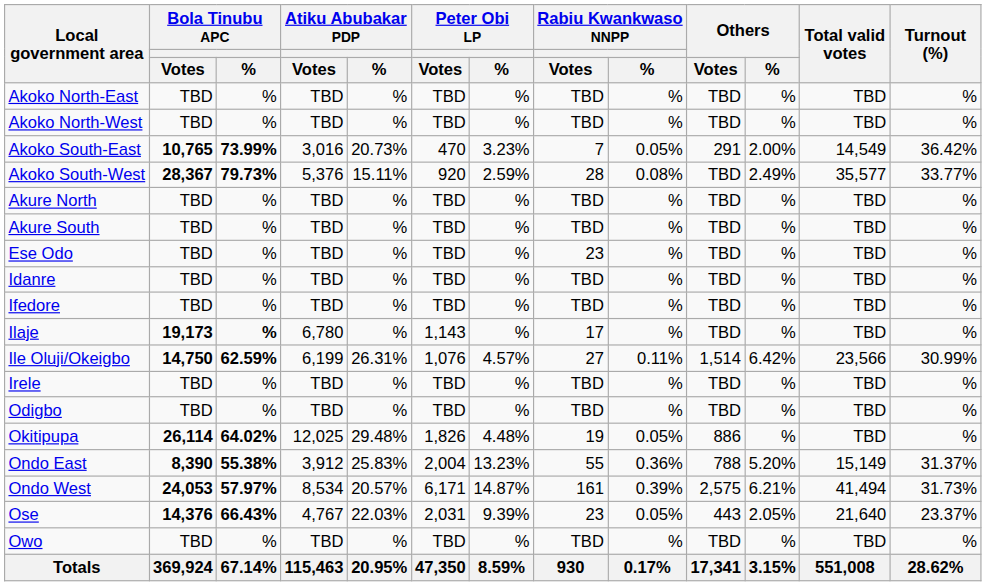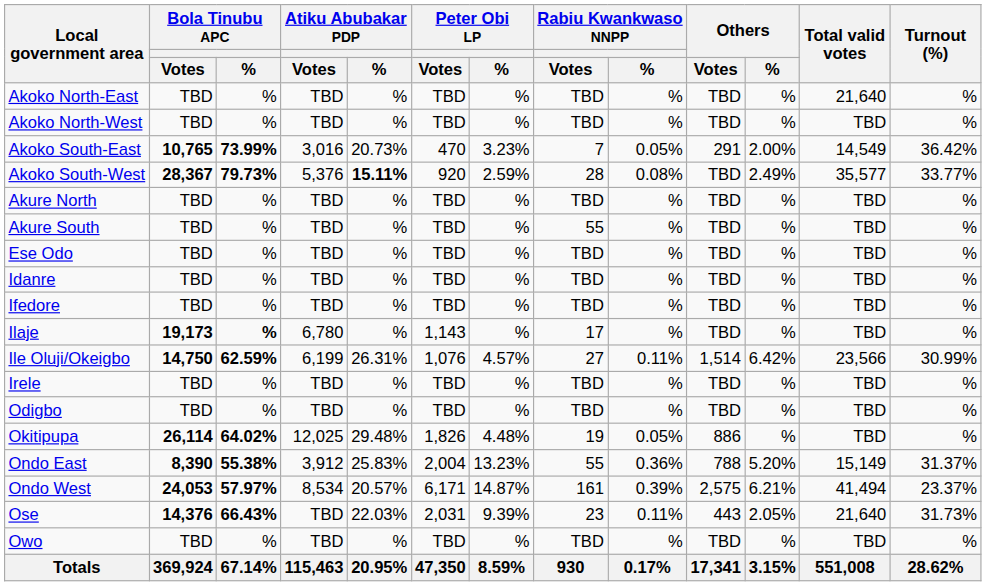 <table class="wikitable sortable" style="text-align:right; font-size:90%">
 <tr>
 <th rowspan="3" style="max-width:7.5em;">Local government area</th>
 <th colspan="2"><a href='#'>Bola Tinubu</a><br><small>APC</small></th>
 <th colspan="2"><a href='#'>Atiku Abubakar</a><br><small>PDP</small></th>
 <th colspan="2"><a href='#'>Peter Obi</a><br><small>LP</small></th>
 <th colspan="2"><a href='#'>Rabiu Kwankwaso</a><br><small>NNPP</small></th>
 <th colspan="2" rowspan="2">Others</th>
 <th rowspan="3" style="max-width:5em;">Total valid votes</th>
 <th rowspan="3" style="max-width:5em;">Turnout (%)</th>
 </tr>
 <tr>
 <th colspan=2 style="background-color:"></th>
 <th colspan=2 style="background-color:"></th>
 <th colspan=2 style="background-color:"></th>
 <th colspan=2 style="background-color:"></th>
 </tr>
 <tr>
 <th>Votes</th>
 <th>%</th>
 <th>Votes</th>
 <th>%</th>
 <th>Votes</th>
 <th>%</th>
 <th>Votes</th>
 <th>%</th>
 <th>Votes</th>
 <th>%</th>
 </tr>
 <tr style="background-color:#">
 <td style="text-align:left;"><a href='#'>Akoko North-East</a></td>
 <td>TBD</td>
 <td>%</td>
 <td>TBD</td>
 <td>%</td>
 <td>TBD</td>
 <td>%</td>
 <td>TBD</td>
 <td>%</td>
 <td>TBD</td>
 <td>%</td>
-<td>TBD</td>
+<td>21,640</td>
 <td>%</td>
 </tr>
 <tr style="background-color:#">
 <td style="text-align:left;"><a href='#'>Akoko North-West</a></td>
 <td>TBD</td>
 <td>%</td>
 <td>TBD</td>
 <td>%</td>
 <td>TBD</td>
 <td>%</td>
 <td>TBD</td>
 <td>%</td>
 <td>TBD</td>
 <td>%</td>
 <td>TBD</td>
 <td>%</td>
 </tr>
 <tr style="background-color:#">
 <td style="text-align:left;"><a href='#'>Akoko South-East</a></td>
 <td><strong>10,765</strong></td>
 <td><strong>73.99%</strong></td>
 <td>3,016</td>
 <td>20.73%</td>
 <td>470</td>
 <td>3.23%</td>
 <td>7</td>
 <td>0.05%</td>
 <td>291</td>
 <td>2.00%</td>
 <td>14,549</td>
 <td>36.42%</td>
 </tr>
 <tr style="background-color:#">
 <td style="text-align:left;"><a href='#'>Akoko South-West</a></td>
 <td><strong>28,367</strong></td>
 <td><strong>79.73%</strong></td>
 <td>5,376</td>
-<td>15.11%</td>
+<td><strong>15.11%</strong></td>
 <td>920</td>
 <td>2.59%</td>
 <td>28</td>
 <td>0.08%</td>
 <td>TBD</td>
 <td>2.49%</td>
 <td>35,577</td>
 <td>33.77%</td>
 </tr>
 <tr style="background-color:#">
 <td style="text-align:left;"><a href='#'>Akure North</a></td>
 <td>TBD</td>
 <td>%</td>
 <td>TBD</td>
 <td>%</td>
 <td>TBD</td>
 <td>%</td>
 <td>TBD</td>
 <td>%</td>
 <td>TBD</td>
 <td>%</td>
 <td>TBD</td>
 <td>%</td>
 </tr>
 <tr style="background-color:#">
 <td style="text-align:left;"><a href='#'>Akure South</a></td>
 <td>TBD</td>
 <td>%</td>
 <td>TBD</td>
 <td>%</td>
 <td>TBD</td>
 <td>%</td>
-<td>TBD</td>
+<td>55</td>
 <td>%</td>
 <td>TBD</td>
 <td>%</td>
 <td>TBD</td>
 <td>%</td>
 </tr>
 <tr style="background-color:#">
 <td style="text-align:left;"><a href='#'>Ese Odo</a></td>
 <td>TBD</td>
 <td>%</td>
 <td>TBD</td>
 <td>%</td>
 <td>TBD</td>
 <td>%</td>
-<td>23</td>
+<td>TBD</td>
 <td>%</td>
 <td>TBD</td>
 <td>%</td>
 <td>TBD</td>
 <td>%</td>
 </tr>
 <tr style="background-color:#">
 <td style="text-align:left;"><a href='#'>Idanre</a></td>
 <td>TBD</td>
 <td>%</td>
 <td>TBD</td>
 <td>%</td>
 <td>TBD</td>
 <td>%</td>
 <td>TBD</td>
 <td>%</td>
 <td>TBD</td>
 <td>%</td>
 <td>TBD</td>
 <td>%</td>
 </tr>
 <tr style="background-color:#">
 <td style="text-align:left;"><a href='#'>Ifedore</a></td>
 <td>TBD</td>
 <td>%</td>
 <td>TBD</td>
 <td>%</td>
 <td>TBD</td>
 <td>%</td>
 <td>TBD</td>
 <td>%</td>
 <td>TBD</td>
 <td>%</td>
 <td>TBD</td>
 <td>%</td>
 </tr>
 <tr style="background-color:#">
 <td style="text-align:left;"><a href='#'>Ilaje</a></td>
 <td><strong>19,173</strong></td>
 <td><strong>%</strong></td>
 <td>6,780</td>
 <td>%</td>
 <td>1,143</td>
 <td>%</td>
 <td>17</td>
 <td>%</td>
 <td>TBD</td>
 <td>%</td>
 <td>TBD</td>
 <td>%</td>
 </tr>
 <tr style="background-color:#">
 <td style="text-align:left;"><a href='#'>Ile Oluji/Okeigbo</a></td>
 <td><strong>14,750</strong></td>
 <td><strong>62.59%</strong></td>
 <td>6,199</td>
 <td>26.31%</td>
 <td>1,076</td>
 <td>4.57%</td>
 <td>27</td>
 <td>0.11%</td>
 <td>1,514</td>
 <td>6.42%</td>
 <td>23,566</td>
 <td>30.99%</td>
 </tr>
 <tr style="background-color:#">
 <td style="text-align:left;"><a href='#'>Irele</a></td>
 <td>TBD</td>
 <td>%</td>
 <td>TBD</td>
 <td>%</td>
 <td>TBD</td>
 <td>%</td>
 <td>TBD</td>
 <td>%</td>
 <td>TBD</td>
 <td>%</td>
 <td>TBD</td>
 <td>%</td>
 </tr>
 <tr style="background-color:#">
 <td style="text-align:left;"><a href='#'>Odigbo</a></td>
 <td>TBD</td>
 <td>%</td>
 <td>TBD</td>
 <td>%</td>
 <td>TBD</td>
 <td>%</td>
 <td>TBD</td>
 <td>%</td>
 <td>TBD</td>
 <td>%</td>
 <td>TBD</td>
 <td>%</td>
 </tr>
 <tr style="background-color:#">
 <td style="text-align:left;"><a href='#'>Okitipupa</a></td>
 <td><strong>26,114</strong></td>
 <td><strong>64.02%</strong></td>
 <td>12,025</td>
 <td>29.48%</td>
 <td>1,826</td>
 <td>4.48%</td>
 <td>19</td>
 <td>0.05%</td>
 <td>886</td>
 <td>%</td>
 <td>TBD</td>
 <td>%</td>
 </tr>
 <tr style="background-color:#">
 <td style="text-align:left;"><a href='#'>Ondo East</a></td>
 <td><strong>8,390</strong></td>
 <td><strong>55.38%</strong></td>
 <td>3,912</td>
 <td>25.83%</td>
 <td>2,004</td>
 <td>13.23%</td>
 <td>55</td>
 <td>0.36%</td>
 <td>788</td>
 <td>5.20%</td>
 <td>15,149</td>
 <td>31.37%</td>
 </tr>
 <tr style="background-color:#">
 <td style="text-align:left;"><a href='#'>Ondo West</a></td>
 <td><strong>24,053</strong></td>
 <td><strong>57.97%</strong></td>
 <td>8,534</td>
 <td>20.57%</td>
 <td>6,171</td>
 <td>14.87%</td>
 <td>161</td>
 <td>0.39%</td>
 <td>2,575</td>
 <td>6.21%</td>
 <td>41,494</td>
-<td>31.73%</td>
+<td>23.37%</td>
 </tr>
 <tr style="background-color:#">
 <td style="text-align:left;"><a href='#'>Ose</a></td>
 <td><strong>14,376</strong></td>
 <td><strong>66.43%</strong></td>
-<td>4,767</td>
+<td>TBD</td>
 <td>22.03%</td>
 <td>2,031</td>
 <td>9.39%</td>
 <td>23</td>
-<td>0.05%</td>
+<td>0.11%</td>
 <td>443</td>
 <td>2.05%</td>
 <td>21,640</td>
-<td>23.37%</td>
+<td>31.73%</td>
 </tr>
 <tr style="background-color:#">
 <td style="text-align:left;"><a href='#'>Owo</a></td>
 <td>TBD</td>
 <td>%</td>
 <td>TBD</td>
 <td>%</td>
 <td>TBD</td>
 <td>%</td>
 <td>TBD</td>
 <td>%</td>
 <td>TBD</td>
 <td>%</td>
 <td>TBD</td>
 <td>%</td>
 </tr>
 <tr>
 <th>Totals</th>
 <th>369,924</th>
 <th>67.14%</th>
 <th>115,463</th>
 <th>20.95%</th>
 <th>47,350</th>
 <th>8.59%</th>
 <th>930</th>
 <th>0.17%</th>
 <th>17,341</th>
 <th>3.15%</th>
 <th>551,008</th>
 <th>28.62%</th>
 </tr>
 </table>
